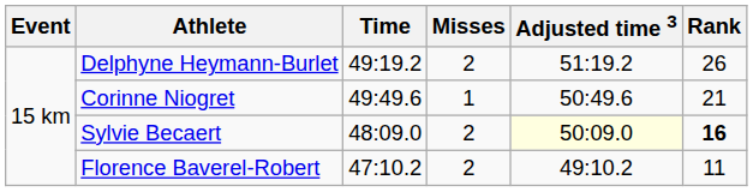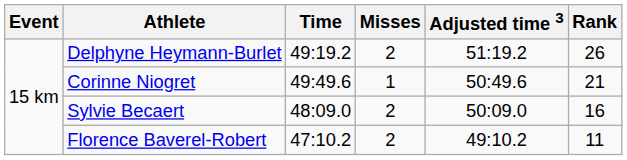 <table class="wikitable" style="font-size:90%">
 <tr>
 <th>Event</th>
 <th>Athlete</th>
 <th>Time</th>
 <th>Misses</th>
 <th>Adjusted time <sup>3</sup></th>
 <th>Rank</th>
 </tr>
 <tr>
 <td rowspan="4">15 km</td>
 <td><a href='#'>Delphyne Heymann-Burlet</a></td>
 <td align="center">49:19.2</td>
 <td align="center">2</td>
 <td align="center">51:19.2</td>
 <td align="center">26</td>
 </tr>
 <tr>
 <td><a href='#'>Corinne Niogret</a></td>
 <td align="center">49:49.6</td>
 <td align="center">1</td>
 <td align="center">50:49.6</td>
 <td align="center">21</td>
 </tr>
 <tr>
 <td><a href='#'>Sylvie Becaert</a></td>
 <td align="center">48:09.0</td>
 <td align="center">2</td>
-<td align="center" style="background: lightyellow;">50:09.0</td>
-<td align="center"><strong>16</strong></td>
+<td align="center">50:09.0</td>
+<td align="center">16</td>
 </tr>
 <tr>
 <td><a href='#'>Florence Baverel-Robert</a></td>
 <td align="center">47:10.2</td>
 <td align="center">2</td>
 <td align="center">49:10.2</td>
 <td align="center">11</td>
 </tr>
 </table>
